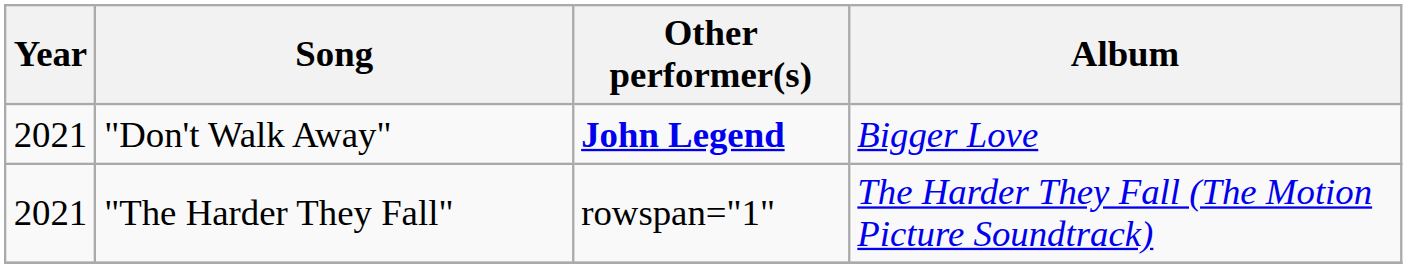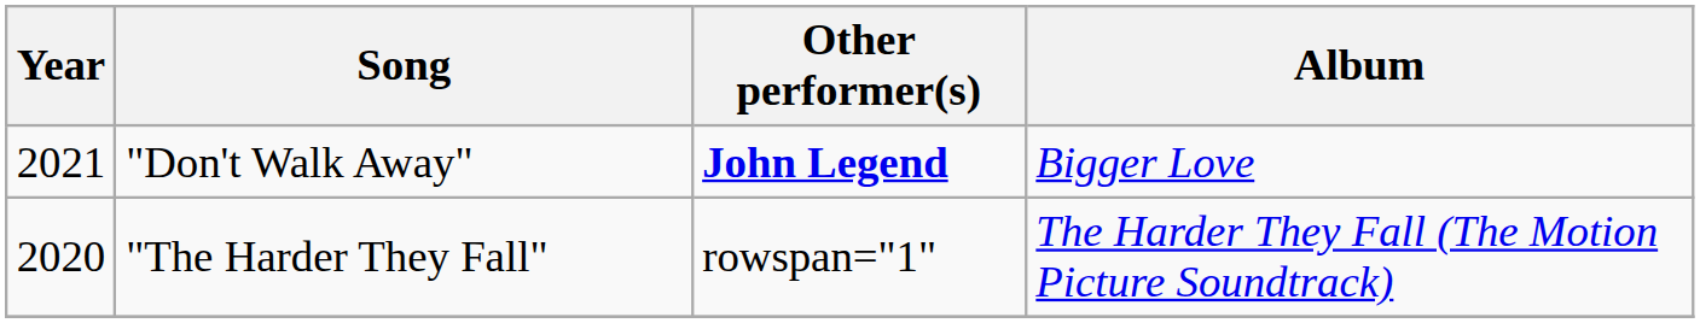 <table class="wikitable sortable">
 <tr>
 <th>Year</th>
 <th style="width:200px;">Song</th>
 <th>Other performer(s)</th>
 <th>Album</th>
 </tr>
 <tr>
 <td>2021</td>
 <td>"Don't Walk Away"</td>
 <td><strong><a href='#'>John Legend</a></strong></td>
 <td><em><a href='#'>Bigger Love</a></em></td>
 </tr>
 <tr>
-<td>2021</td>
+<td>2020</td>
 <td>"The Harder They Fall"</td>
 <td>rowspan="1" </td>
 <td><em><a href='#'>The Harder They Fall (The Motion Picture Soundtrack)</a></em></td>
 </tr>
 <tr>
 </tr>
 </table>
